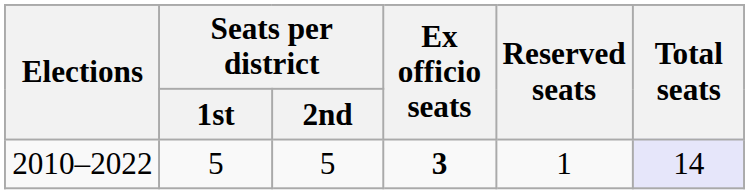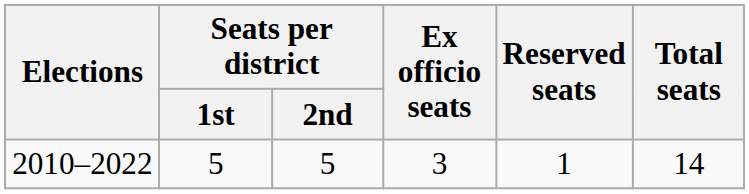 <table class="wikitable" style="text-align:center;">
 <tr>
 <th rowspan="2">Elections</th>
 <th colspan="2">Seats per district</th>
 <th rowspan="2" width="50px">Ex officio seats</th>
 <th rowspan="2" width="50px">Reserved seats</th>
 <th rowspan="2" width="50px">Total seats</th>
 </tr>
 <tr>
 <th width="50px">1st</th>
 <th width="50px">2nd</th>
 </tr>
 <tr>
 <td>2010–2022</td>
 <td>5</td>
 <td>5</td>
-<td><strong>3</strong></td>
+<td>3</td>
 <td>1</td>
-<td style="background: lavender;">14</td>
+<td>14</td>
 </tr>
 </table>
